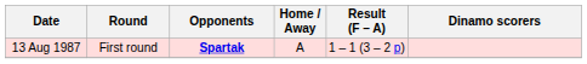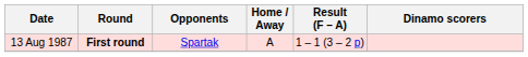 <table class="wikitable" style="text-align:center">
 <tr>
 <th width="100">Date</th>
 <th width="100">Round</th>
 <th width="130">Opponents</th>
 <th width="60">Home /<br>Away</th>
 <th width="100">Result<br> (F – A)</th>
 <th width="220">Dinamo scorers</th>
 </tr>
 <tr bgcolor="#ffdddd">
 <td>13 Aug 1987</td>
-<td>First round</td>
-<td><strong><a href='#'>Spartak</a></strong></td>
+<td><strong>First round</strong></td>
+<td><a href='#'>Spartak</a></td>
 <td>A</td>
 <td>1 – 1 (3 – 2 <a href='#'>p</a>)</td>
 <td></td>
 </tr>
 <tr>
 </tr>
 </table>
